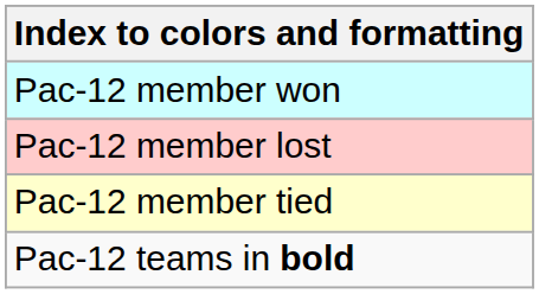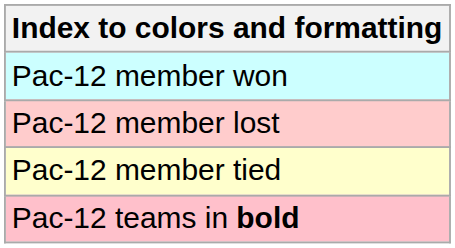 <table class="wikitable">
 <tr>
 <th>Index to colors and formatting</th>
 </tr>
 <tr style="background:#cff;">
 <td>Pac-12 member won</td>
 </tr>
 <tr style="background:#fcc;">
 <td>Pac-12 member lost</td>
 </tr>
 <tr style="background:#ffc;">
 <td>Pac-12 member tied</td>
 </tr>
 <tr>
-<td>Pac-12 teams in <strong>bold</strong></td>
+<td style="background: pink;">Pac-12 teams in <strong>bold</strong></td>
 </tr>
 </table>
